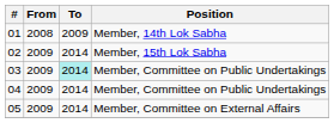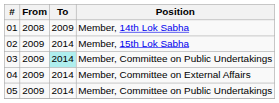 <table class="wikitable sortable">
 <tr>
 <th>#</th>
 <th>From</th>
 <th>To</th>
 <th>Position</th>
 </tr>
 <tr>
 <td>01</td>
 <td>2008</td>
 <td>2009</td>
 <td>Member, <a href='#'>14th Lok Sabha</a></td>
 </tr>
 <tr>
 <td>02</td>
 <td>2009</td>
 <td>2014</td>
 <td>Member, <a href='#'>15th Lok Sabha</a></td>
 </tr>
 <tr>
 <td>03</td>
 <td>2009</td>
 <td style="background: paleturquoise;">2014</td>
 <td>Member, Committee on Public Undertakings</td>
 </tr>
 <tr>
 <td>04</td>
 <td>2009</td>
 <td>2014</td>
-<td>Member, Committee on Public Undertakings</td>
+<td>Member, Committee on External Affairs</td>
 </tr>
 <tr>
 <td>05</td>
 <td>2009</td>
 <td>2014</td>
-<td>Member, Committee on External Affairs</td>
+<td>Member, Committee on Public Undertakings</td>
 </tr>
 <tr>
 </tr>
 </table>
